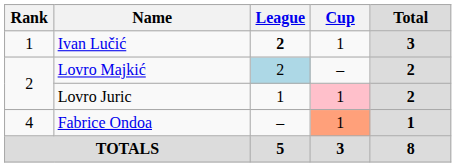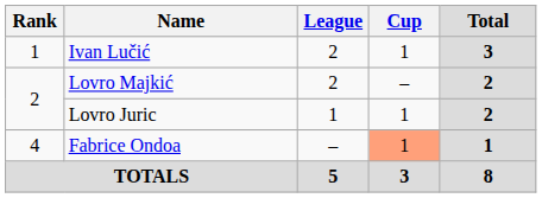 <table class="wikitable" style="font-size: 95%; text-align: center;">
 <tr>
 <th width=40>Rank</th>
 <th width=180>Name</th>
 <th width=50><a href='#'>League</a></th>
 <th width=50><a href='#'>Cup</a></th>
 <th width=70 style="background: #DCDCDC">Total</th>
 </tr>
 <tr>
 <td rowspan=1>1</td>
 <td style="text-align:left;"> <a href='#'>Ivan Lučić</a></td>
-<td><strong>2</strong></td>
+<td>2</td>
 <td>1</td>
 <th style="background: #DCDCDC">3</th>
 </tr>
 <tr>
 <td rowspan=2>2</td>
 <td style="text-align:left;"> <a href='#'>Lovro Majkić</a></td>
-<td style="background: lightblue;">2</td>
+<td>2</td>
 <td>–</td>
 <th style="background: #DCDCDC">2</th>
 </tr>
 <tr>
 <td style="text-align:left;"> Lovro Juric</td>
 <td>1</td>
-<td style="background: pink;">1</td>
+<td>1</td>
 <th style="background: #DCDCDC">2</th>
 </tr>
 <tr>
 <td rowspan=1>4</td>
 <td style="text-align:left;"> <a href='#'>Fabrice Ondoa</a></td>
 <td>–</td>
 <td style="background: lightsalmon;">1</td>
 <th style="background: #DCDCDC">1</th>
 </tr>
 <tr>
 <th colspan="2" align="center" style="background: #DCDCDC">TOTALS</th>
 <th style="background: #DCDCDC">5</th>
 <th style="background: #DCDCDC">3</th>
 <th style="background: #DCDCDC">8</th>
 </tr>
 </table>
